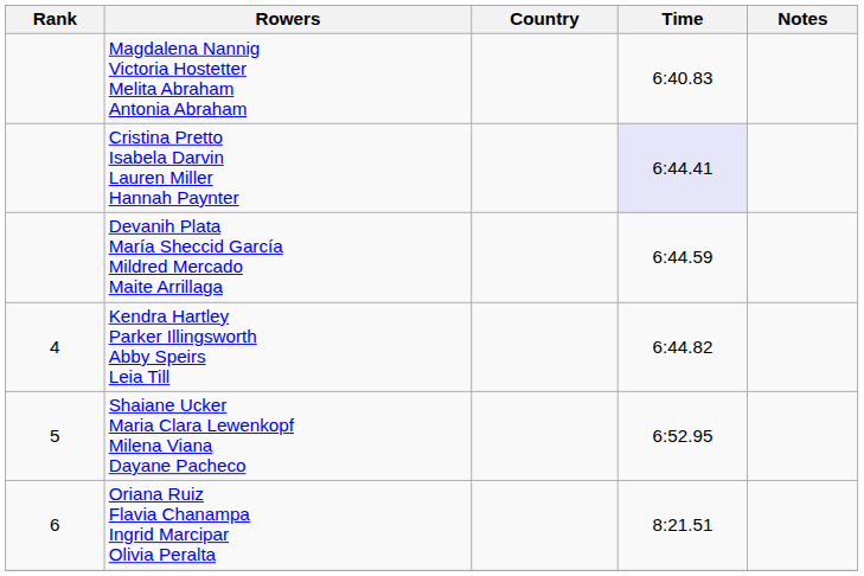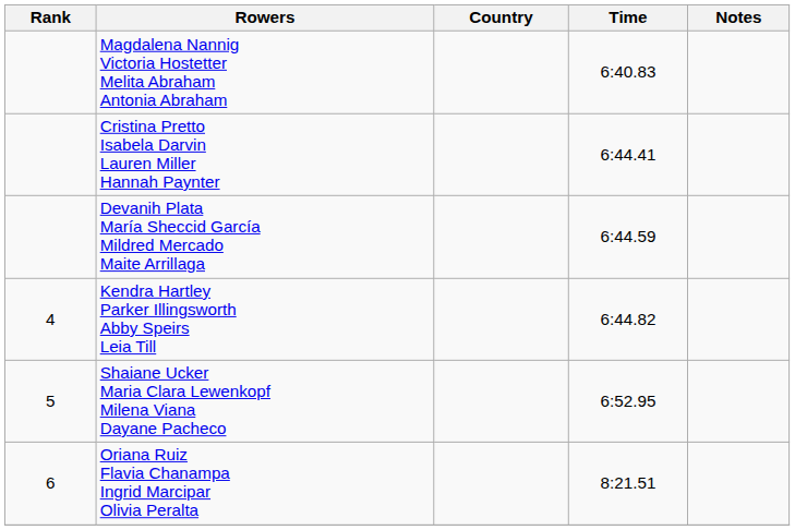 <table class="wikitable" width=60% style="text-align:center">
 <tr>
 <th>Rank</th>
 <th>Rowers</th>
 <th>Country</th>
 <th>Time</th>
 <th>Notes</th>
 </tr>
 <tr>
 <td></td>
 <td align=left><a href='#'>Magdalena Nannig</a><br><a href='#'>Victoria Hostetter</a><br><a href='#'>Melita Abraham</a><br><a href='#'>Antonia Abraham</a></td>
 <td align=left></td>
 <td>6:40.83</td>
 <td></td>
 </tr>
 <tr>
 <td></td>
 <td align=left><a href='#'>Cristina Pretto</a><br><a href='#'>Isabela Darvin</a><br><a href='#'>Lauren Miller</a><br><a href='#'>Hannah Paynter</a></td>
 <td align=left></td>
-<td style="background: lavender;">6:44.41</td>
+<td>6:44.41</td>
 <td></td>
 </tr>
 <tr>
 <td></td>
 <td align=left><a href='#'>Devanih Plata</a><br><a href='#'>María Sheccid García</a><br><a href='#'>Mildred Mercado</a><br><a href='#'>Maite Arrillaga</a></td>
 <td align=left></td>
 <td>6:44.59</td>
 <td></td>
 </tr>
 <tr>
 <td>4</td>
 <td align=left><a href='#'>Kendra Hartley</a><br><a href='#'>Parker Illingsworth</a><br><a href='#'>Abby Speirs</a><br><a href='#'>Leia Till</a></td>
 <td align=left></td>
 <td>6:44.82</td>
 <td></td>
 </tr>
 <tr>
 <td>5</td>
 <td align=left><a href='#'>Shaiane Ucker</a><br><a href='#'>Maria Clara Lewenkopf</a><br><a href='#'>Milena Viana</a><br><a href='#'>Dayane Pacheco</a></td>
 <td align=left></td>
 <td>6:52.95</td>
 <td></td>
 </tr>
 <tr>
 <td>6</td>
 <td align=left><a href='#'>Oriana Ruiz</a><br><a href='#'>Flavia Chanampa</a><br><a href='#'>Ingrid Marcipar</a><br><a href='#'>Olivia Peralta</a></td>
 <td align=left></td>
 <td>8:21.51</td>
 <td></td>
 </tr>
 <tr>
 </tr>
 </table>
